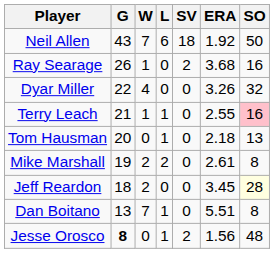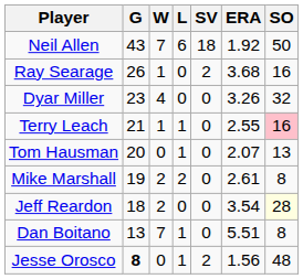 <table class="wikitable sortable">
 <tr>
 <th>Player</th>
 <th>G</th>
 <th>W</th>
 <th>L</th>
 <th>SV</th>
 <th>ERA</th>
 <th>SO</th>
 </tr>
 <tr align="center">
 <td><a href='#'>Neil Allen</a></td>
 <td>43</td>
 <td>7</td>
 <td>6</td>
 <td>18</td>
 <td>1.92</td>
 <td>50</td>
 </tr>
 <tr align=center>
 <td><a href='#'>Ray Searage</a></td>
 <td>26</td>
 <td>1</td>
 <td>0</td>
 <td>2</td>
 <td>3.68</td>
 <td>16</td>
 </tr>
 <tr align=center>
 <td><a href='#'>Dyar Miller</a></td>
-<td>22</td>
+<td>23</td>
 <td>4</td>
 <td>0</td>
 <td>0</td>
 <td>3.26</td>
 <td>32</td>
 </tr>
 <tr align=center>
 <td><a href='#'>Terry Leach</a></td>
 <td>21</td>
 <td>1</td>
 <td>1</td>
 <td>0</td>
 <td>2.55</td>
 <td style="background: pink;">16</td>
 </tr>
 <tr align=center>
 <td><a href='#'>Tom Hausman</a></td>
 <td>20</td>
 <td>0</td>
 <td>1</td>
 <td>0</td>
-<td>2.18</td>
+<td>2.07</td>
 <td>13</td>
 </tr>
 <tr align=center>
 <td><a href='#'>Mike Marshall</a></td>
 <td>19</td>
 <td>2</td>
 <td>2</td>
 <td>0</td>
 <td>2.61</td>
 <td>8</td>
 </tr>
 <tr align="center">
 <td><a href='#'>Jeff Reardon</a></td>
 <td>18</td>
 <td>2</td>
 <td>0</td>
 <td>0</td>
-<td>3.45</td>
+<td>3.54</td>
 <td style="background: lightyellow;">28</td>
 </tr>
 <tr align="center">
 <td><a href='#'>Dan Boitano</a></td>
 <td>13</td>
 <td>7</td>
 <td>1</td>
 <td>0</td>
 <td>5.51</td>
 <td>8</td>
 </tr>
 <tr align=center>
 <td><a href='#'>Jesse Orosco</a></td>
 <td><strong>8</strong></td>
 <td>0</td>
 <td>1</td>
 <td>2</td>
 <td>1.56</td>
 <td>48</td>
 </tr>
 </table>
